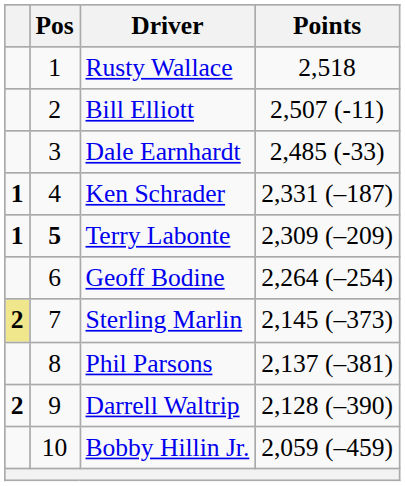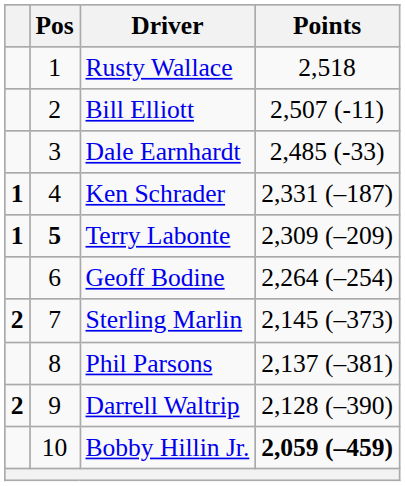 <table class="wikitable" style="font-size: 95%;">
 <tr>
 <th></th>
 <th>Pos</th>
 <th>Driver</th>
 <th>Points</th>
 </tr>
 <tr>
 <td align="left"></td>
 <td style="text-align:center;">1</td>
 <td><a href='#'>Rusty Wallace</a></td>
 <td style="text-align:center;">2,518</td>
 </tr>
 <tr>
 <td align="left"></td>
 <td style="text-align:center;">2</td>
 <td><a href='#'>Bill Elliott</a></td>
 <td style="text-align:center;">2,507 (-11)</td>
 </tr>
 <tr>
 <td align="left"></td>
 <td style="text-align:center;">3</td>
 <td><a href='#'>Dale Earnhardt</a></td>
 <td style="text-align:center;">2,485 (-33)</td>
 </tr>
 <tr>
 <td align="left">  <strong>1</strong></td>
 <td style="text-align:center;">4</td>
 <td><a href='#'>Ken Schrader</a></td>
 <td style="text-align:center;">2,331 (–187)</td>
 </tr>
 <tr>
 <td align="left">  <strong>1</strong></td>
 <td style="text-align:center;"><strong>5</strong></td>
 <td><a href='#'>Terry Labonte</a></td>
 <td style="text-align:center;">2,309 (–209)</td>
 </tr>
 <tr>
 <td align="left"></td>
 <td style="text-align:center;">6</td>
 <td><a href='#'>Geoff Bodine</a></td>
 <td style="text-align:center;">2,264 (–254)</td>
 </tr>
 <tr>
-<td align="left" style="background: khaki;">  <strong>2</strong></td>
+<td align="left">  <strong>2</strong></td>
 <td style="text-align:center;">7</td>
 <td><a href='#'>Sterling Marlin</a></td>
 <td style="text-align:center;">2,145 (–373)</td>
 </tr>
 <tr>
 <td align="left"></td>
 <td style="text-align:center;">8</td>
 <td><a href='#'>Phil Parsons</a></td>
 <td style="text-align:center;">2,137 (–381)</td>
 </tr>
 <tr>
 <td align="left">  <strong>2</strong></td>
 <td style="text-align:center;">9</td>
 <td><a href='#'>Darrell Waltrip</a></td>
 <td style="text-align:center;">2,128 (–390)</td>
 </tr>
 <tr>
 <td align="left"></td>
 <td style="text-align:center;">10</td>
 <td><a href='#'>Bobby Hillin Jr.</a></td>
-<td style="text-align:center;">2,059 (–459)</td>
+<td style="text-align:center;"><strong>2,059 (–459)</strong></td>
 </tr>
 <tr class="sortbottom">
 <th colspan="9"></th>
 </tr>
 </table>
